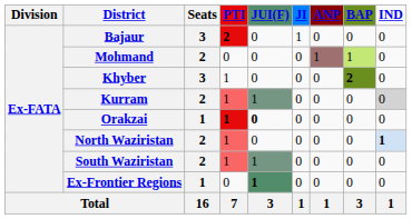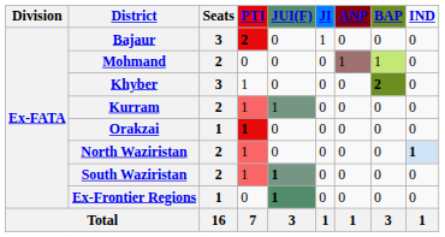 <table class="wikitable sortable">
 <tr>
 <th>Division</th>
 <th><a href='#'>District</a></th>
 <th>Seats</th>
 <td style="background:#E70404;"><a href='#'><span><strong>PTI</strong></span></a></td>
 <td style="background:#528d6b;"><a href='#'><span><strong>JUI(F)</strong></span></a></td>
 <td style="background:#0080ff;"><span><strong><a href='#'>JI</a></strong></span></td>
 <td style="background:#8b0000;"><span><strong><a href='#'>ANP</a></strong></span></td>
 <td style="background:#6b8f1e;"><a href='#'><span><strong>BAP</strong></span></a></td>
 <td><a href='#'><span><strong>IND</strong></span></a></td>
 </tr>
 <tr>
 <th rowspan="8"><a href='#'>Ex-FATA</a></th>
 <th><a href='#'>Bajaur</a></th>
 <th>3</th>
 <td bgcolor="#E70A0A"><span><strong>2</strong></span></td>
 <td>0</td>
 <td>1</td>
 <td>0</td>
 <td>0</td>
 <td>0</td>
 </tr>
 <tr>
 <th><a href='#'>Mohmand</a></th>
 <th>2</th>
 <td>0</td>
 <td>0</td>
 <td>0</td>
 <td bgcolor="#9e7070"><span>1</span></td>
 <td bgcolor="#c4e876"><span>1</span></td>
 <td>0</td>
 </tr>
 <tr>
 <th><a href='#'>Khyber</a></th>
 <th>3</th>
 <td>1</td>
 <td>0</td>
 <td>0</td>
 <td>0</td>
 <td bgcolor="#6b8f1e"><span><strong>2</strong></span></td>
 <td>0</td>
 </tr>
 <tr>
 <th><a href='#'>Kurram</a></th>
 <th>2</th>
 <td bgcolor="#fa6666">1</td>
 <td bgcolor="#749683"><span>1</span></td>
 <td>0</td>
 <td>0</td>
 <td>0</td>
-<td style="background: lightgrey;">0</td>
+<td>0</td>
 </tr>
 <tr>
 <th><a href='#'>Orakzai</a></th>
 <th>1</th>
 <td bgcolor="#E70A0A"><span><strong>1</strong></span></td>
-<td><strong>0</strong></td>
+<td>0</td>
 <td>0</td>
 <td>0</td>
 <td>0</td>
 <td>0</td>
 </tr>
 <tr>
 <th><a href='#'>North Waziristan</a></th>
 <th>2</th>
 <td bgcolor="#fa6666">1</td>
 <td>0</td>
 <td>0</td>
 <td>0</td>
 <td>0</td>
 <td bgcolor="#d0e2f5"><span><strong>1</strong></span></td>
 </tr>
 <tr>
 <th><a href='#'>South Waziristan</a></th>
 <th>2</th>
 <td bgcolor="#fa6666">1</td>
-<td bgcolor="#749683"><span>1</span></td>
+<td bgcolor="#749683"><strong><span>1</span></strong></td>
 <td>0</td>
 <td>0</td>
 <td>0</td>
 <td>0</td>
 </tr>
 <tr>
 <th><a href='#'>Ex-Frontier Regions</a></th>
 <th>1</th>
 <td>0</td>
 <td bgcolor="#528d6b"><span><strong>1</strong></span></td>
 <td>0</td>
 <td>0</td>
 <td>0</td>
 <td>0</td>
 </tr>
 <tr>
 <th colspan="2">Total</th>
 <th>16</th>
 <th>7</th>
 <th>3</th>
 <th>1</th>
 <th>1</th>
 <th>3</th>
 <th>1</th>
 </tr>
 </table>
